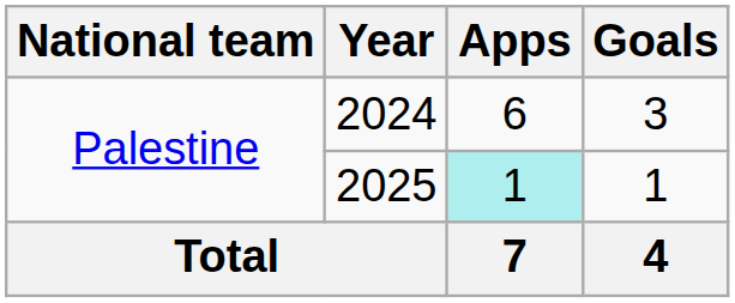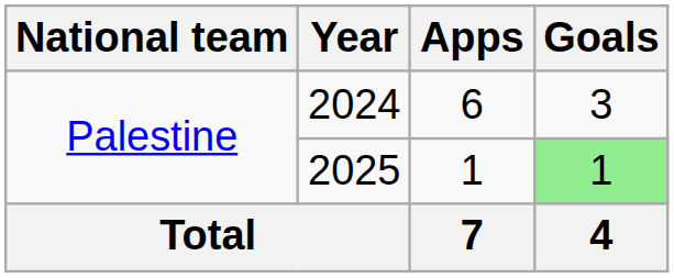 <table class="wikitable" style="text-align:center">
 <tr>
 <th>National team</th>
 <th>Year</th>
 <th>Apps</th>
 <th>Goals</th>
 </tr>
 <tr>
 <td rowspan="2"><a href='#'>Palestine</a></td>
 <td>2024</td>
 <td>6</td>
 <td>3</td>
 </tr>
 <tr>
 <td>2025</td>
-<td style="background: paleturquoise;">1</td>
 <td>1</td>
+<td style="background: lightgreen;">1</td>
 </tr>
 <tr>
 <th colspan="2">Total</th>
 <th>7</th>
 <th>4</th>
 </tr>
 </table>
